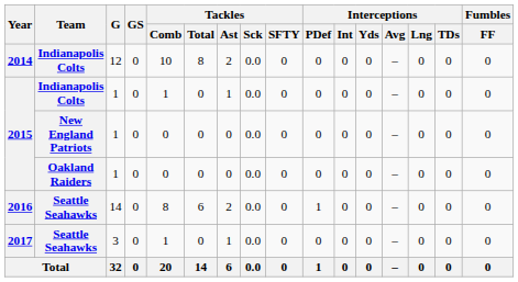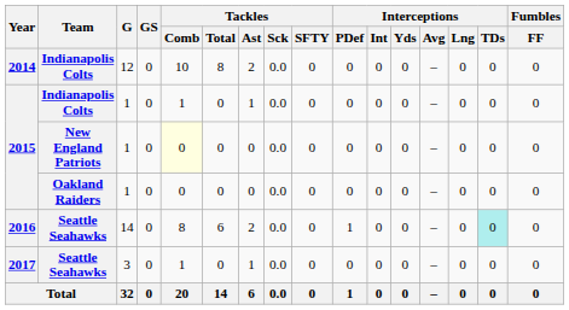 <table class="wikitable" style="text-align: center;">
 <tr>
 <th rowspan="2">Year</th>
 <th rowspan="2">Team</th>
 <th rowspan="2">G</th>
 <th rowspan="2">GS</th>
 <th colspan="5">Tackles</th>
 <th colspan="6">Interceptions</th>
 <th colspan="4">Fumbles</th>
 </tr>
 <tr>
 <th>Comb</th>
 <th>Total</th>
 <th>Ast</th>
 <th>Sck</th>
 <th>SFTY</th>
 <th>PDef</th>
 <th>Int</th>
 <th>Yds</th>
 <th>Avg</th>
 <th>Lng</th>
 <th>TDs</th>
 <th>FF</th>
 </tr>
 <tr>
 <th><a href='#'>2014</a></th>
 <th><a href='#'>Indianapolis Colts</a></th>
 <td>12</td>
 <td>0</td>
 <td>10</td>
 <td>8</td>
 <td>2</td>
 <td>0.0</td>
 <td>0</td>
 <td>0</td>
 <td>0</td>
 <td>0</td>
 <td>–</td>
 <td>0</td>
 <td>0</td>
 <td>0</td>
 </tr>
 <tr>
 <th rowspan="3"><a href='#'>2015</a></th>
 <th><a href='#'>Indianapolis Colts</a></th>
 <td>1</td>
 <td>0</td>
 <td>1</td>
 <td>0</td>
 <td>1</td>
 <td>0.0</td>
 <td>0</td>
 <td>0</td>
 <td>0</td>
 <td>0</td>
 <td>–</td>
 <td>0</td>
 <td>0</td>
 <td>0</td>
 </tr>
 <tr>
 <th><a href='#'>New England Patriots</a></th>
 <td>1</td>
 <td>0</td>
-<td>0</td>
+<td style="background: lightyellow;">0</td>
 <td>0</td>
 <td>0</td>
 <td>0.0</td>
 <td>0</td>
 <td>0</td>
 <td>0</td>
 <td>0</td>
 <td>–</td>
 <td>0</td>
 <td>0</td>
 <td>0</td>
 </tr>
 <tr>
 <th><a href='#'>Oakland Raiders</a></th>
 <td>1</td>
 <td>0</td>
 <td>0</td>
 <td>0</td>
 <td>0</td>
 <td>0.0</td>
 <td>0</td>
 <td>0</td>
 <td>0</td>
 <td>0</td>
 <td>–</td>
 <td>0</td>
 <td>0</td>
 <td>0</td>
 </tr>
 <tr>
 <th><a href='#'>2016</a></th>
 <th><a href='#'>Seattle Seahawks</a></th>
 <td>14</td>
 <td>0</td>
 <td>8</td>
 <td>6</td>
 <td>2</td>
 <td>0.0</td>
 <td>0</td>
 <td>1</td>
 <td>0</td>
 <td>0</td>
 <td>–</td>
 <td>0</td>
-<td>0</td>
+<td style="background: paleturquoise;">0</td>
 <td>0</td>
 </tr>
 <tr>
 <th><a href='#'>2017</a></th>
 <th><a href='#'>Seattle Seahawks</a></th>
 <td>3</td>
 <td>0</td>
 <td>1</td>
 <td>0</td>
 <td>1</td>
 <td>0.0</td>
 <td>0</td>
 <td>0</td>
 <td>0</td>
 <td>0</td>
 <td>–</td>
 <td>0</td>
 <td>0</td>
 <td>0</td>
 </tr>
 <tr>
 <th colspan="2">Total</th>
 <th>32</th>
 <th>0</th>
 <th>20</th>
 <th>14</th>
 <th>6</th>
 <th>0.0</th>
 <th>0</th>
 <th>1</th>
 <th>0</th>
 <th>0</th>
 <th>–</th>
 <th>0</th>
 <th>0</th>
 <th>0</th>
 </tr>
 </table>
